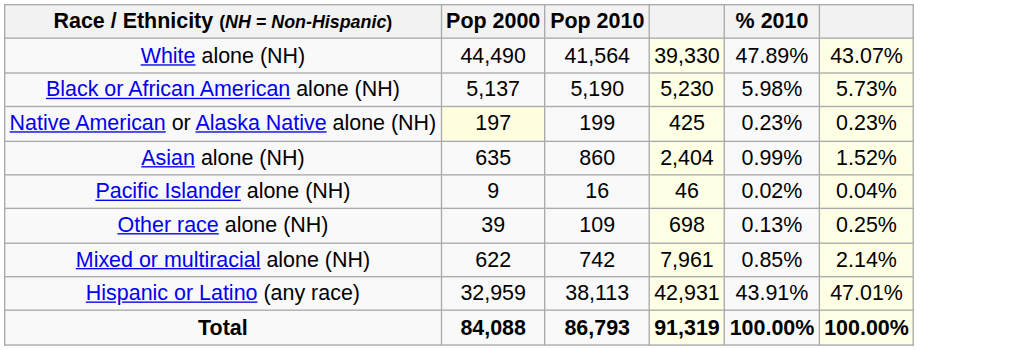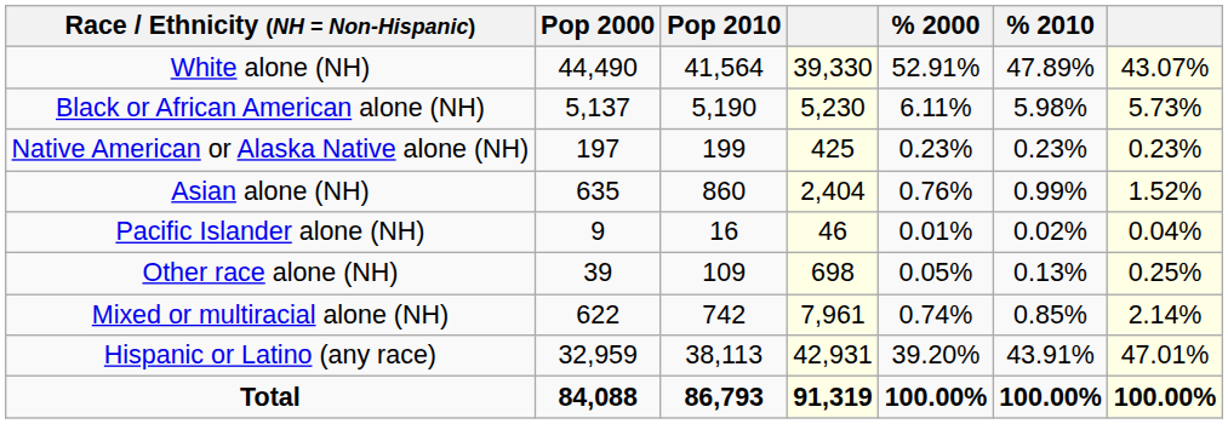 <table class="wikitable" style="text-align:center;">
 <tr>
 <th>Race / Ethnicity <small>(<em>NH = Non-Hispanic</em>)</small></th>
 <th>Pop 2000</th>
 <th>Pop 2010</th>
 <th></th>
+<th>% 2000</th>
 <th>% 2010</th>
 <th></th>
 </tr>
 <tr>
 <td><a href='#'>White</a> alone (NH)</td>
 <td>44,490</td>
 <td>41,564</td>
 <td style='background: #ffffe6;'>39,330</td>
+<td>52.91%</td>
 <td>47.89%</td>
 <td style='background: #ffffe6;'>43.07%</td>
 </tr>
 <tr>
 <td><a href='#'>Black or African American</a> alone (NH)</td>
 <td>5,137</td>
 <td>5,190</td>
 <td style='background: #ffffe6;'>5,230</td>
+<td>6.11%</td>
 <td>5.98%</td>
 <td style='background: #ffffe6;'>5.73%</td>
 </tr>
 <tr>
 <td><a href='#'>Native American</a> or <a href='#'>Alaska Native</a> alone (NH)</td>
-<td style="background: lightyellow;">197</td>
+<td>197</td>
 <td>199</td>
 <td style='background: #ffffe6;'>425</td>
+<td>0.23%</td>
 <td>0.23%</td>
 <td style='background: #ffffe6;'>0.23%</td>
 </tr>
 <tr>
 <td><a href='#'>Asian</a> alone (NH)</td>
 <td>635</td>
 <td>860</td>
 <td style='background: #ffffe6;'>2,404</td>
+<td>0.76%</td>
 <td>0.99%</td>
 <td style='background: #ffffe6;'>1.52%</td>
 </tr>
 <tr>
 <td><a href='#'>Pacific Islander</a> alone (NH)</td>
 <td>9</td>
 <td>16</td>
 <td style='background: #ffffe6;'>46</td>
+<td>0.01%</td>
 <td>0.02%</td>
 <td style='background: #ffffe6;'>0.04%</td>
 </tr>
 <tr>
 <td><a href='#'>Other race</a> alone (NH)</td>
 <td>39</td>
 <td>109</td>
 <td style='background: #ffffe6;'>698</td>
+<td>0.05%</td>
 <td>0.13%</td>
 <td style='background: #ffffe6;'>0.25%</td>
 </tr>
 <tr>
 <td><a href='#'>Mixed or multiracial</a> alone (NH)</td>
 <td>622</td>
 <td>742</td>
 <td style='background: #ffffe6;'>7,961</td>
+<td>0.74%</td>
 <td>0.85%</td>
 <td style='background: #ffffe6;'>2.14%</td>
 </tr>
 <tr>
 <td><a href='#'>Hispanic or Latino</a> (any race)</td>
 <td>32,959</td>
 <td>38,113</td>
 <td style='background: #ffffe6;'>42,931</td>
+<td>39.20%</td>
 <td>43.91%</td>
 <td style='background: #ffffe6;'>47.01%</td>
 </tr>
 <tr>
 <td><strong>Total</strong></td>
 <td><strong>84,088</strong></td>
 <td><strong>86,793</strong></td>
 <td style='background: #ffffe6;'><strong>91,319</strong></td>
 <td><strong>100.00%</strong></td>
+<td><strong>100.00%</strong></td>
 <td style='background: #ffffe6;'><strong>100.00%</strong></td>
 </tr>
 </table>
